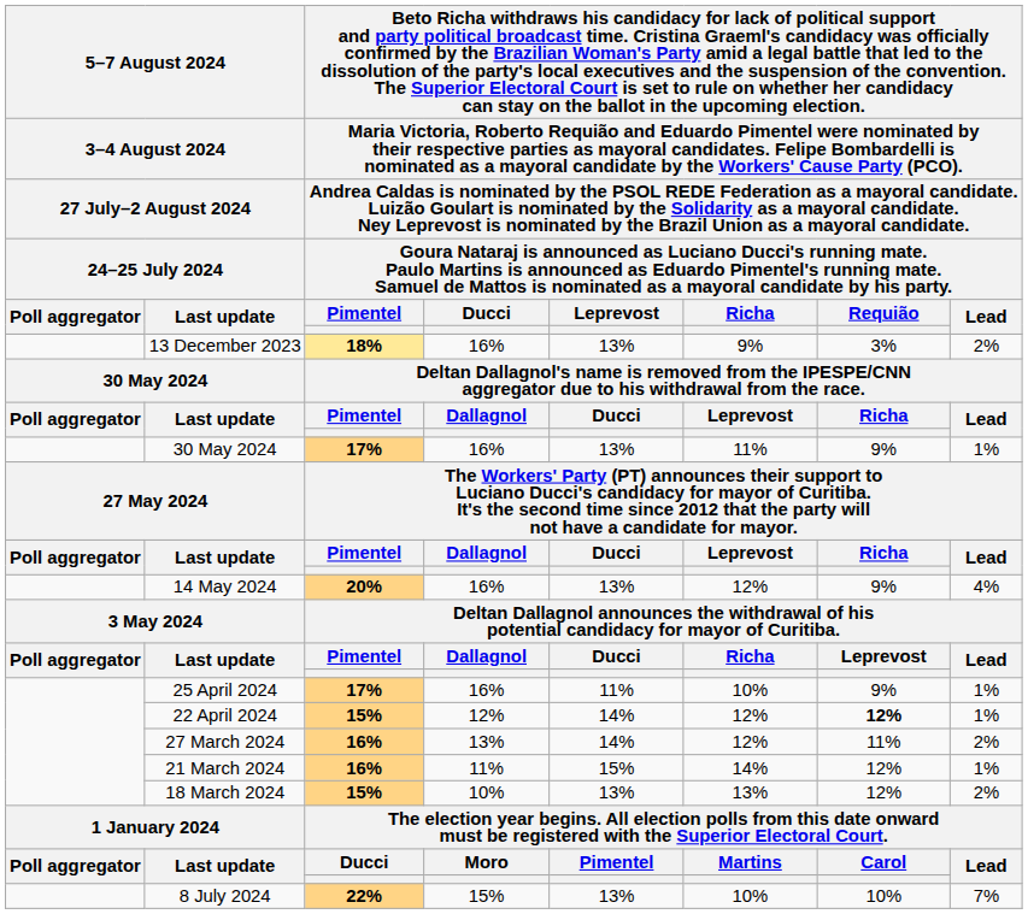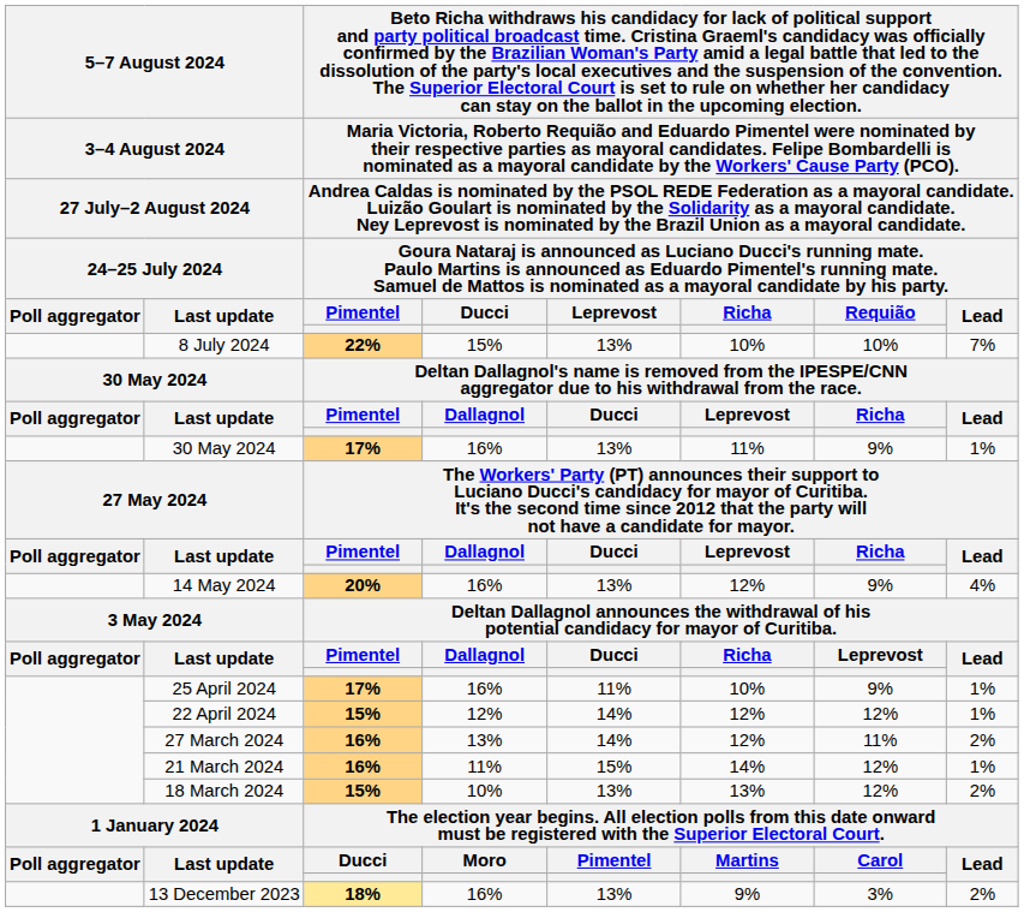 <table class="wikitable" style="text-align:center;font-size:90%;line-height:14px;">
 <tr>
 <th colspan="2">5–7 August 2024</th>
 <th colspan="6">Beto Richa withdraws his candidacy for lack of political support<br>and <a href='#'>party political broadcast</a> time. Cristina Graeml's candidacy was officially<br>confirmed by the <a href='#'>Brazilian Woman's Party</a> amid a legal battle that led to the<br>dissolution of the party's local executives and the suspension of the convention.<br>The <a href='#'>Superior Electoral Court</a> is set to rule on whether her candidacy<br>can stay on the ballot in the upcoming election.</th>
 </tr>
 <tr>
 <th colspan="2">3–4 August 2024</th>
 <th colspan="6">Maria Victoria, Roberto Requião and Eduardo Pimentel were nominated by<br>their respective parties as mayoral candidates. Felipe Bombardelli is<br>nominated as a mayoral candidate by the <a href='#'>Workers' Cause Party</a> (PCO).</th>
 </tr>
 <tr>
 <th colspan="2">27 July–2 August 2024</th>
 <th colspan="6">Andrea Caldas is nominated by the PSOL REDE Federation as a mayoral candidate.<br>Luizão Goulart is nominated by the <a href='#'>Solidarity</a> as a mayoral candidate.<br>Ney Leprevost is nominated by the Brazil Union as a mayoral candidate.</th>
 </tr>
 <tr>
 <th colspan="2">24–25 July 2024</th>
 <th colspan="6">Goura Nataraj is announced as Luciano Ducci's running mate.<br>Paulo Martins is announced as Eduardo Pimentel's running mate.<br>Samuel de Mattos is nominated as a mayoral candidate by his party.</th>
 </tr>
 <tr>
 <th rowspan="2">Poll aggregator</th>
 <th rowspan="2">Last update</th>
 <th><a href='#'>Pimentel</a><br></th>
 <th>Ducci<br></th>
 <th>Leprevost<br></th>
 <th><a href='#'>Richa</a><br></th>
 <th><a href='#'>Requião</a><br></th>
 <th rowspan="2">Lead</th>
 </tr>
 <tr>
 <th data-sort-type="number" class="sortable" style="background:"></th>
 <th data-sort-type="number" class="sortable" style="background:"></th>
 <th data-sort-type="number" class="sortable" style="background:"></th>
 <th data-sort-type="number" class="sortable" style="background:"></th>
 <th data-sort-type="number" class="sortable" style="background:"></th>
 </tr>
 <tr>
 <td></td>
-<td>13 December 2023</td>
-<td style="background:#ffea98;"><strong>18%</strong></td>
-<td>16%</td>
+<td>8 July 2024</td>
+<td style="background:#ffd485;"><strong>22%</strong></td>
+<td>15%</td>
 <td>13%</td>
-<td>9%</td>
-<td>3%</td>
-<td style="background:">2%</td>
+<td>10%</td>
+<td>10%</td>
+<td style="background:">7%</td>
 </tr>
 <tr>
 <th colspan="2">30 May 2024</th>
 <th colspan="6">Deltan Dallagnol's name is removed from the IPESPE/CNN<br>aggregator due to his withdrawal from the race.</th>
 </tr>
 <tr>
 <th rowspan="2">Poll aggregator</th>
 <th rowspan="2">Last update</th>
 <th><a href='#'>Pimentel</a><br></th>
 <th><a href='#'>Dallagnol</a><br></th>
 <th>Ducci<br></th>
 <th>Leprevost<br></th>
 <th><a href='#'>Richa</a><br></th>
 <th rowspan="2">Lead</th>
 </tr>
 <tr>
 <th data-sort-type="number" class="sortable" style="background:"></th>
 <th data-sort-type="number" class="sortable" style="background:"></th>
 <th data-sort-type="number" class="sortable" style="background:"></th>
 <th data-sort-type="number" class="sortable" style="background:"></th>
 <th data-sort-type="number" class="sortable" style="background:"></th>
 </tr>
 <tr>
 <td></td>
 <td>30 May 2024</td>
 <td style="background:#ffd485;"><strong>17%</strong></td>
 <td>16%</td>
 <td>13%</td>
 <td>11%</td>
 <td>9%</td>
 <td style="background:">1%</td>
 </tr>
 <tr>
 <th colspan="2">27 May 2024</th>
 <th colspan="6">The <a href='#'>Workers' Party</a> (PT) announces their support to<br>Luciano Ducci's candidacy for mayor of Curitiba.<br>It's the second time since 2012 that the party will<br>not have a candidate for mayor.</th>
 </tr>
 <tr>
 <th rowspan="2">Poll aggregator</th>
 <th rowspan="2">Last update</th>
 <th><a href='#'>Pimentel</a><br></th>
 <th><a href='#'>Dallagnol</a><br></th>
 <th>Ducci<br></th>
 <th>Leprevost<br></th>
 <th><a href='#'>Richa</a><br></th>
 <th rowspan="2">Lead</th>
 </tr>
 <tr>
 <th data-sort-type="number" class="sortable" style="background:"></th>
 <th data-sort-type="number" class="sortable" style="background:"></th>
 <th data-sort-type="number" class="sortable" style="background:"></th>
 <th data-sort-type="number" class="sortable" style="background:"></th>
 <th data-sort-type="number" class="sortable" style="background:"></th>
 </tr>
 <tr>
 <td></td>
 <td>14 May 2024</td>
 <td style="background:#ffd485;"><strong>20%</strong></td>
 <td>16%</td>
 <td>13%</td>
 <td>12%</td>
 <td>9%</td>
 <td style="background:">4%</td>
 </tr>
 <tr>
 <th colspan="2">3 May 2024</th>
 <th colspan="6">Deltan Dallagnol announces the withdrawal of his<br>potential candidacy for mayor of Curitiba.</th>
 </tr>
 <tr>
 <th rowspan="2">Poll aggregator</th>
 <th rowspan="2">Last update</th>
 <th><a href='#'>Pimentel</a><br></th>
 <th><a href='#'>Dallagnol</a><br></th>
 <th>Ducci<br></th>
 <th><a href='#'>Richa</a><br></th>
 <th>Leprevost<br></th>
 <th rowspan="2">Lead</th>
 </tr>
 <tr>
 <th data-sort-type="number" class="sortable" style="background:"></th>
 <th data-sort-type="number" class="sortable" style="background:"></th>
 <th data-sort-type="number" class="sortable" style="background:"></th>
 <th data-sort-type="number" class="sortable" style="background:"></th>
 <th data-sort-type="number" class="sortable" style="background:"></th>
 </tr>
 <tr>
 <td rowspan="5"></td>
 <td>25 April 2024</td>
 <td style="background:#ffd485;"><strong>17%</strong></td>
 <td>16%</td>
 <td>11%</td>
 <td>10%</td>
 <td>9%</td>
 <td style="background:">1%</td>
 </tr>
 <tr>
 <td>22 April 2024</td>
 <td style="background:#ffd485;"><strong>15%</strong></td>
 <td>12%</td>
 <td>14%</td>
 <td>12%</td>
-<td><strong>12%</strong></td>
+<td>12%</td>
 <td style="background:">1%</td>
 </tr>
 <tr>
 <td>27 March 2024</td>
 <td style="background:#ffd485;"><strong>16%</strong></td>
 <td>13%</td>
 <td>14%</td>
 <td>12%</td>
 <td>11%</td>
 <td style="background:">2%</td>
 </tr>
 <tr>
 <td>21 March 2024</td>
 <td style="background:#ffd485;"><strong>16%</strong></td>
 <td>11%</td>
 <td>15%</td>
 <td>14%</td>
 <td>12%</td>
 <td style="background:">1%</td>
 </tr>
 <tr>
 <td>18 March 2024</td>
 <td style="background:#ffd485;"><strong>15%</strong></td>
 <td>10%</td>
 <td>13%</td>
 <td>13%</td>
 <td>12%</td>
 <td style="background:">2%</td>
 </tr>
 <tr>
 <th colspan="2">1 January 2024</th>
 <th colspan="6">The election year begins. All election polls from this date onward<br>must be registered with the <a href='#'>Superior Electoral Court</a>.</th>
 </tr>
 <tr>
 <th rowspan="2">Poll aggregator</th>
 <th rowspan="2">Last update</th>
 <th>Ducci<br></th>
 <th>Moro<br></th>
 <th><a href='#'>Pimentel</a><br></th>
 <th><a href='#'>Martins</a><br></th>
 <th><a href='#'>Carol</a><br></th>
 <th rowspan="2">Lead</th>
 </tr>
 <tr>
 <th data-sort-type="number" class="sortable" style="background:"></th>
 <th data-sort-type="number" class="sortable" style="background:"></th>
 <th data-sort-type="number" class="sortable" style="background:"></th>
 <th data-sort-type="number" class="sortable" style="background:"></th>
 <th data-sort-type="number" class="sortable" style="background:"></th>
 </tr>
 <tr>
 <td></td>
-<td>8 July 2024</td>
-<td style="background:#ffd485;"><strong>22%</strong></td>
-<td>15%</td>
+<td>13 December 2023</td>
+<td style="background:#ffea98;"><strong>18%</strong></td>
+<td>16%</td>
 <td>13%</td>
-<td>10%</td>
-<td>10%</td>
-<td style="background:">7%</td>
+<td>9%</td>
+<td>3%</td>
+<td style="background:">2%</td>
 </tr>
 </table>
